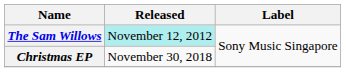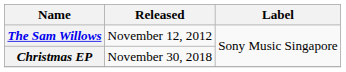 <table class="wikitable plainrowheaders">
 <tr>
 <th scope="col">Name</th>
 <th scope="col">Released</th>
 <th scope="col">Label</th>
 </tr>
 <tr>
 <th scope="row"><em><a href='#'>The Sam Willows</a></em></th>
-<td style="background: paleturquoise;">November 12, 2012</td>
+<td>November 12, 2012</td>
 <td rowspan="2">Sony Music Singapore</td>
 </tr>
 <tr>
 <th scope="row"><em>Christmas EP</em></th>
 <td>November 30, 2018</td>
 </tr>
 <tr>
 </tr>
 </table>
